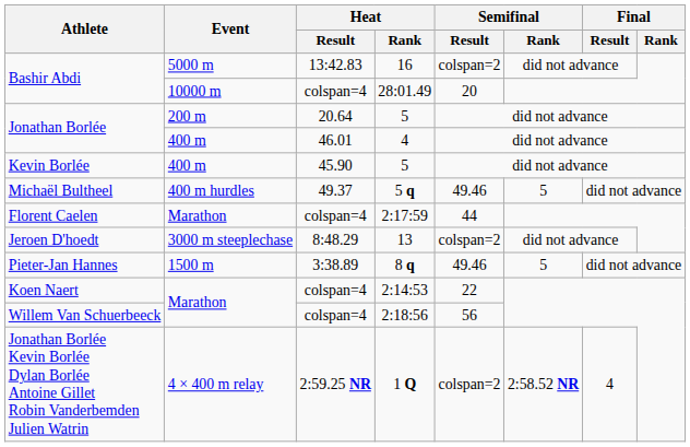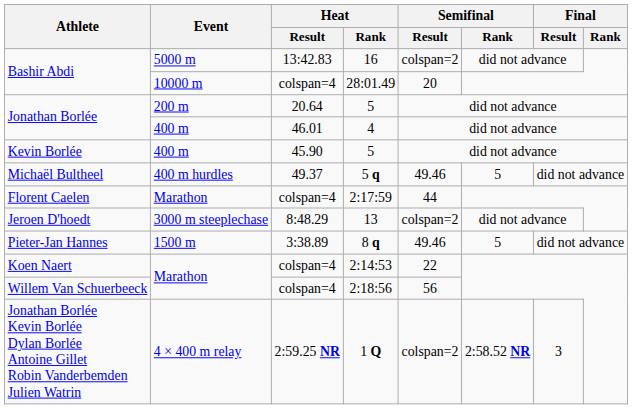 <table class="wikitable" style="font-size:90%">
 <tr>
 <th rowspan="2">Athlete</th>
 <th rowspan="2">Event</th>
 <th colspan="2">Heat</th>
 <th colspan="2">Semifinal</th>
 <th colspan="2">Final</th>
 </tr>
 <tr style="font-size:95%">
 <th>Result</th>
 <th>Rank</th>
 <th>Result</th>
 <th>Rank</th>
 <th>Result</th>
 <th>Rank</th>
 </tr>
 <tr align=center>
 <td align=left rowspan=2><a href='#'>Bashir Abdi</a></td>
 <td align=left><a href='#'>5000 m</a></td>
 <td>13:42.83</td>
 <td>16</td>
 <td>colspan=2 </td>
 <td colspan=2>did not advance</td>
 </tr>
 <tr align=center>
 <td align=left><a href='#'>10000 m</a></td>
 <td>colspan=4 </td>
 <td>28:01.49</td>
 <td>20</td>
 </tr>
 <tr align=center>
 <td align=left rowspan=2><a href='#'>Jonathan Borlée</a></td>
 <td align=left><a href='#'>200 m</a></td>
 <td>20.64</td>
 <td>5</td>
 <td colspan=4>did not advance</td>
 </tr>
 <tr align=center>
 <td align=left><a href='#'>400 m</a></td>
 <td>46.01</td>
 <td>4</td>
 <td colspan=4>did not advance</td>
 </tr>
 <tr align=center>
 <td align=left><a href='#'>Kevin Borlée</a></td>
 <td align=left><a href='#'>400 m</a></td>
 <td>45.90</td>
 <td>5</td>
 <td colspan=4>did not advance</td>
 </tr>
 <tr align=center>
 <td align=left><a href='#'>Michaël Bultheel</a></td>
 <td align=left><a href='#'>400 m hurdles</a></td>
 <td>49.37</td>
 <td>5 <strong>q</strong></td>
 <td>49.46</td>
 <td>5</td>
 <td colspan=2>did not advance</td>
 </tr>
 <tr align=center>
 <td align=left><a href='#'>Florent Caelen</a></td>
 <td align=left><a href='#'>Marathon</a></td>
 <td>colspan=4 </td>
 <td>2:17:59</td>
 <td>44</td>
 </tr>
 <tr align=center>
 <td align=left><a href='#'>Jeroen D'hoedt</a></td>
 <td align=left><a href='#'>3000 m steeplechase</a></td>
 <td>8:48.29</td>
 <td>13</td>
 <td>colspan=2 </td>
 <td colspan=2>did not advance</td>
 </tr>
 <tr align=center>
 <td align=left><a href='#'>Pieter-Jan Hannes</a></td>
 <td align=left><a href='#'>1500 m</a></td>
 <td>3:38.89</td>
 <td>8 <strong>q</strong></td>
 <td>49.46</td>
 <td>5</td>
 <td colspan=2>did not advance</td>
 </tr>
 <tr align=center>
 <td align=left><a href='#'>Koen Naert</a></td>
 <td align=left rowspan=2><a href='#'>Marathon</a></td>
 <td>colspan=4 </td>
 <td>2:14:53</td>
 <td>22</td>
 </tr>
 <tr align=center>
 <td align=left><a href='#'>Willem Van Schuerbeeck</a></td>
 <td>colspan=4 </td>
 <td>2:18:56</td>
 <td>56</td>
 </tr>
 <tr align=center>
 <td align=left><a href='#'>Jonathan Borlée</a><br><a href='#'>Kevin Borlée</a><br><a href='#'>Dylan Borlée</a><br><a href='#'>Antoine Gillet</a><br><a href='#'>Robin Vanderbemden</a><br><a href='#'>Julien Watrin</a></td>
 <td align=left><a href='#'>4 × 400 m relay</a></td>
 <td>2:59.25 <strong><a href='#'>NR</a></strong></td>
 <td>1 <strong>Q</strong></td>
 <td>colspan=2 </td>
 <td>2:58.52 <strong><a href='#'>NR</a></strong></td>
-<td>4</td>
+<td>3</td>
 </tr>
 </table>
